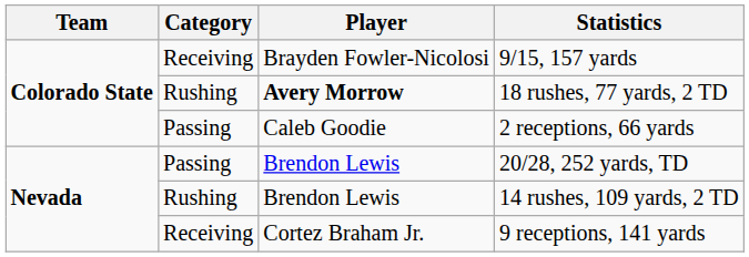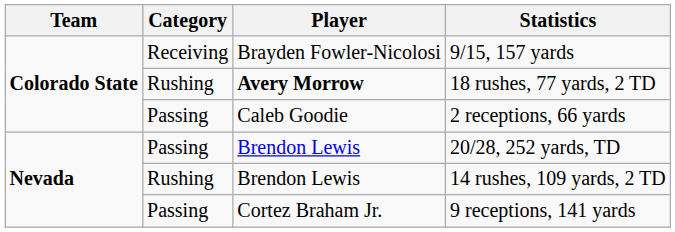 <table class="wikitable" style="float: right;">
 <tr>
 <th>Team</th>
 <th>Category</th>
 <th>Player</th>
 <th>Statistics</th>
 </tr>
 <tr>
 <td rowspan=3><strong>Colorado State</strong></td>
 <td>Receiving</td>
 <td>Brayden Fowler-Nicolosi</td>
 <td>9/15, 157 yards</td>
 </tr>
 <tr>
 <td>Rushing</td>
 <td><strong>Avery Morrow</strong></td>
 <td>18 rushes, 77 yards, 2 TD</td>
 </tr>
 <tr>
 <td>Passing</td>
 <td>Caleb Goodie</td>
 <td>2 receptions, 66 yards</td>
 </tr>
 <tr>
 <td rowspan=3><strong>Nevada</strong></td>
 <td>Passing</td>
 <td><a href='#'>Brendon Lewis</a></td>
 <td>20/28, 252 yards, TD</td>
 </tr>
 <tr>
 <td>Rushing</td>
 <td>Brendon Lewis</td>
 <td>14 rushes, 109 yards, 2 TD</td>
 </tr>
 <tr>
-<td>Receiving</td>
+<td>Passing</td>
 <td>Cortez Braham Jr.</td>
 <td>9 receptions, 141 yards</td>
 </tr>
 </table>
